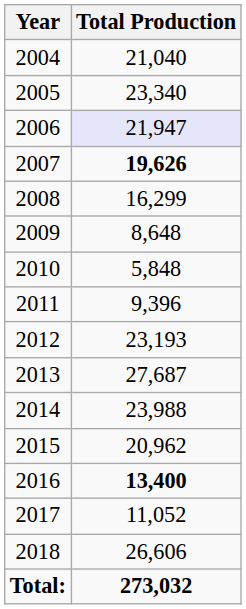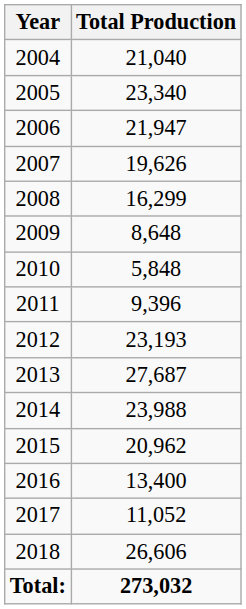 <table class="wikitable sortable" style="text-align: center;">
 <tr>
 <th>Year</th>
 <th>Total Production</th>
 </tr>
 <tr>
 <td>2004</td>
 <td>21,040</td>
 </tr>
 <tr>
 <td>2005</td>
 <td>23,340</td>
 </tr>
 <tr>
 <td>2006</td>
-<td style="background: lavender;">21,947</td>
+<td>21,947</td>
 </tr>
 <tr>
 <td>2007</td>
-<td><strong>19,626</strong></td>
+<td>19,626</td>
 </tr>
 <tr>
 <td>2008</td>
 <td>16,299</td>
 </tr>
 <tr>
 <td>2009</td>
 <td>8,648</td>
 </tr>
 <tr>
 <td>2010</td>
 <td>5,848</td>
 </tr>
 <tr>
 <td>2011</td>
 <td>9,396</td>
 </tr>
 <tr>
 <td>2012</td>
 <td>23,193</td>
 </tr>
 <tr>
 <td>2013</td>
 <td>27,687</td>
 </tr>
 <tr>
 <td>2014</td>
 <td>23,988</td>
 </tr>
 <tr>
 <td>2015</td>
 <td>20,962</td>
 </tr>
 <tr>
 <td>2016</td>
-<td><strong>13,400</strong></td>
+<td>13,400</td>
 </tr>
 <tr>
 <td>2017</td>
 <td>11,052</td>
 </tr>
 <tr>
 <td>2018</td>
 <td>26,606</td>
 </tr>
 <tr>
 <td><strong>Total:</strong></td>
 <td><strong>273,032</strong></td>
 </tr>
 </table>
